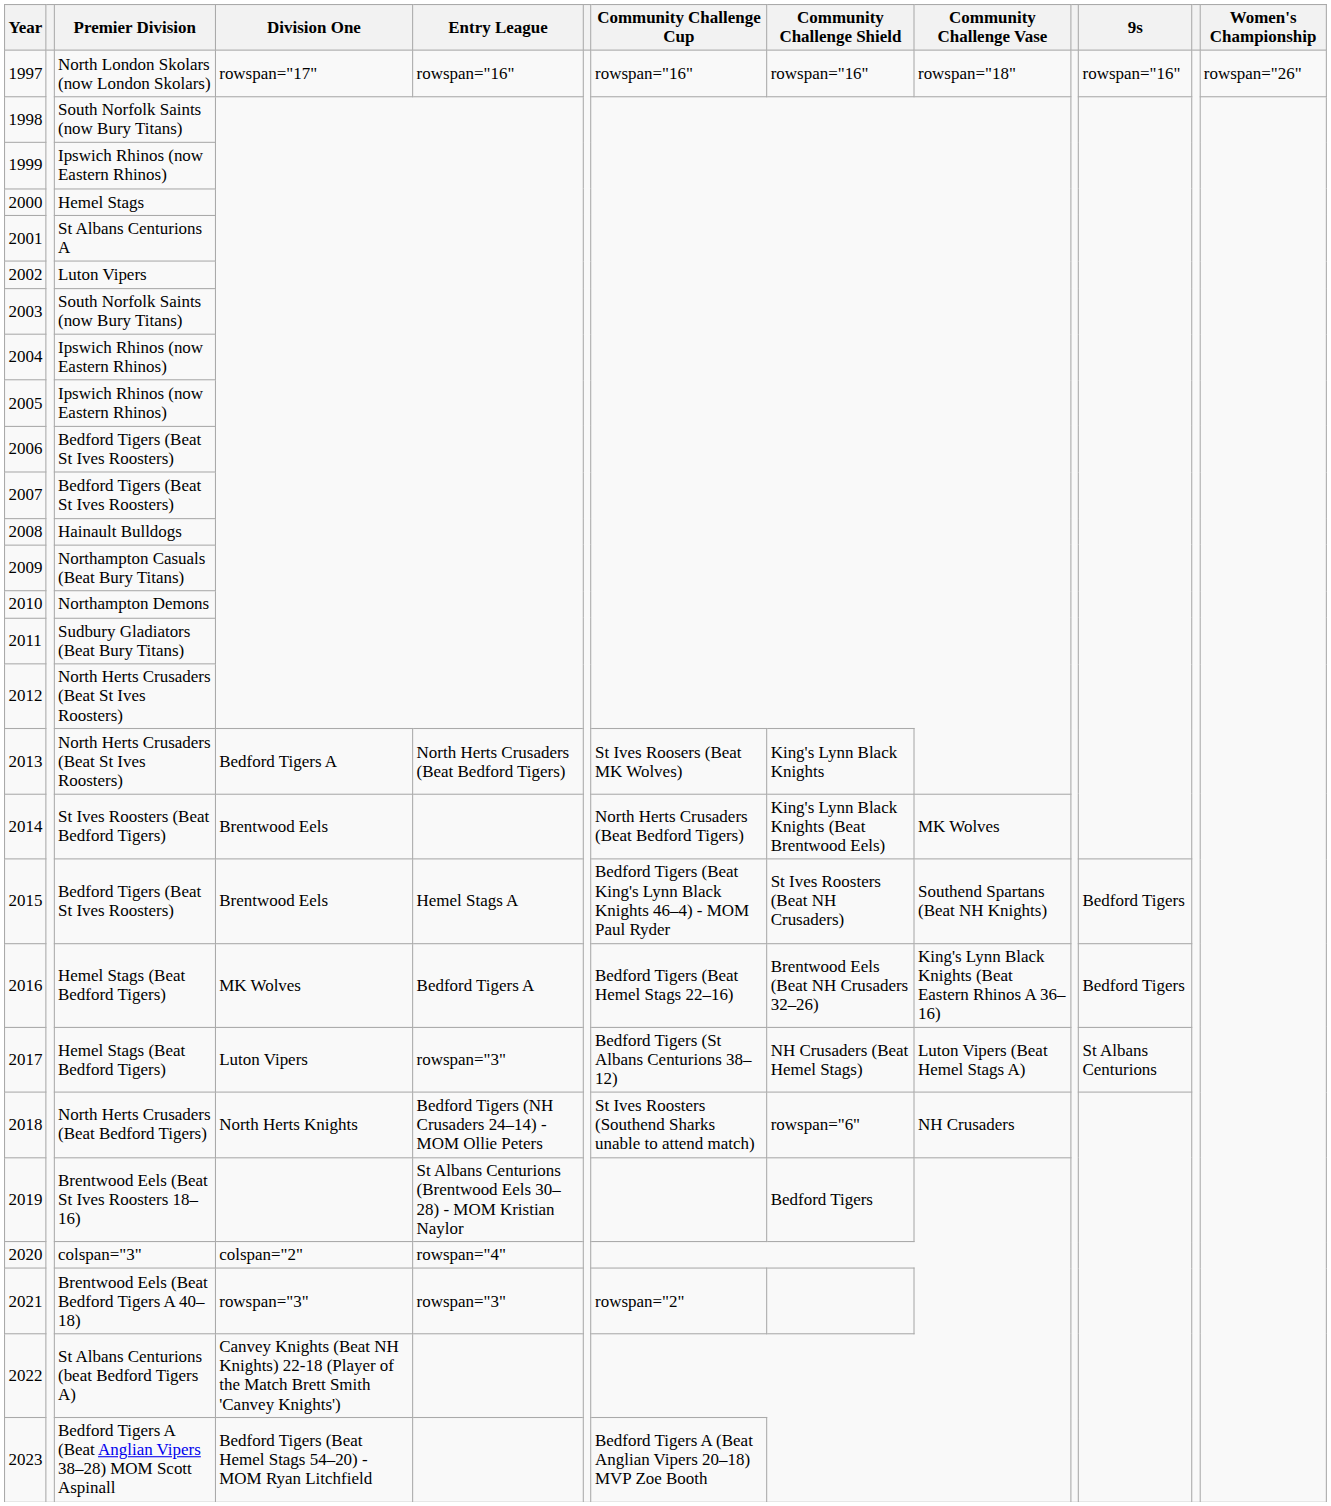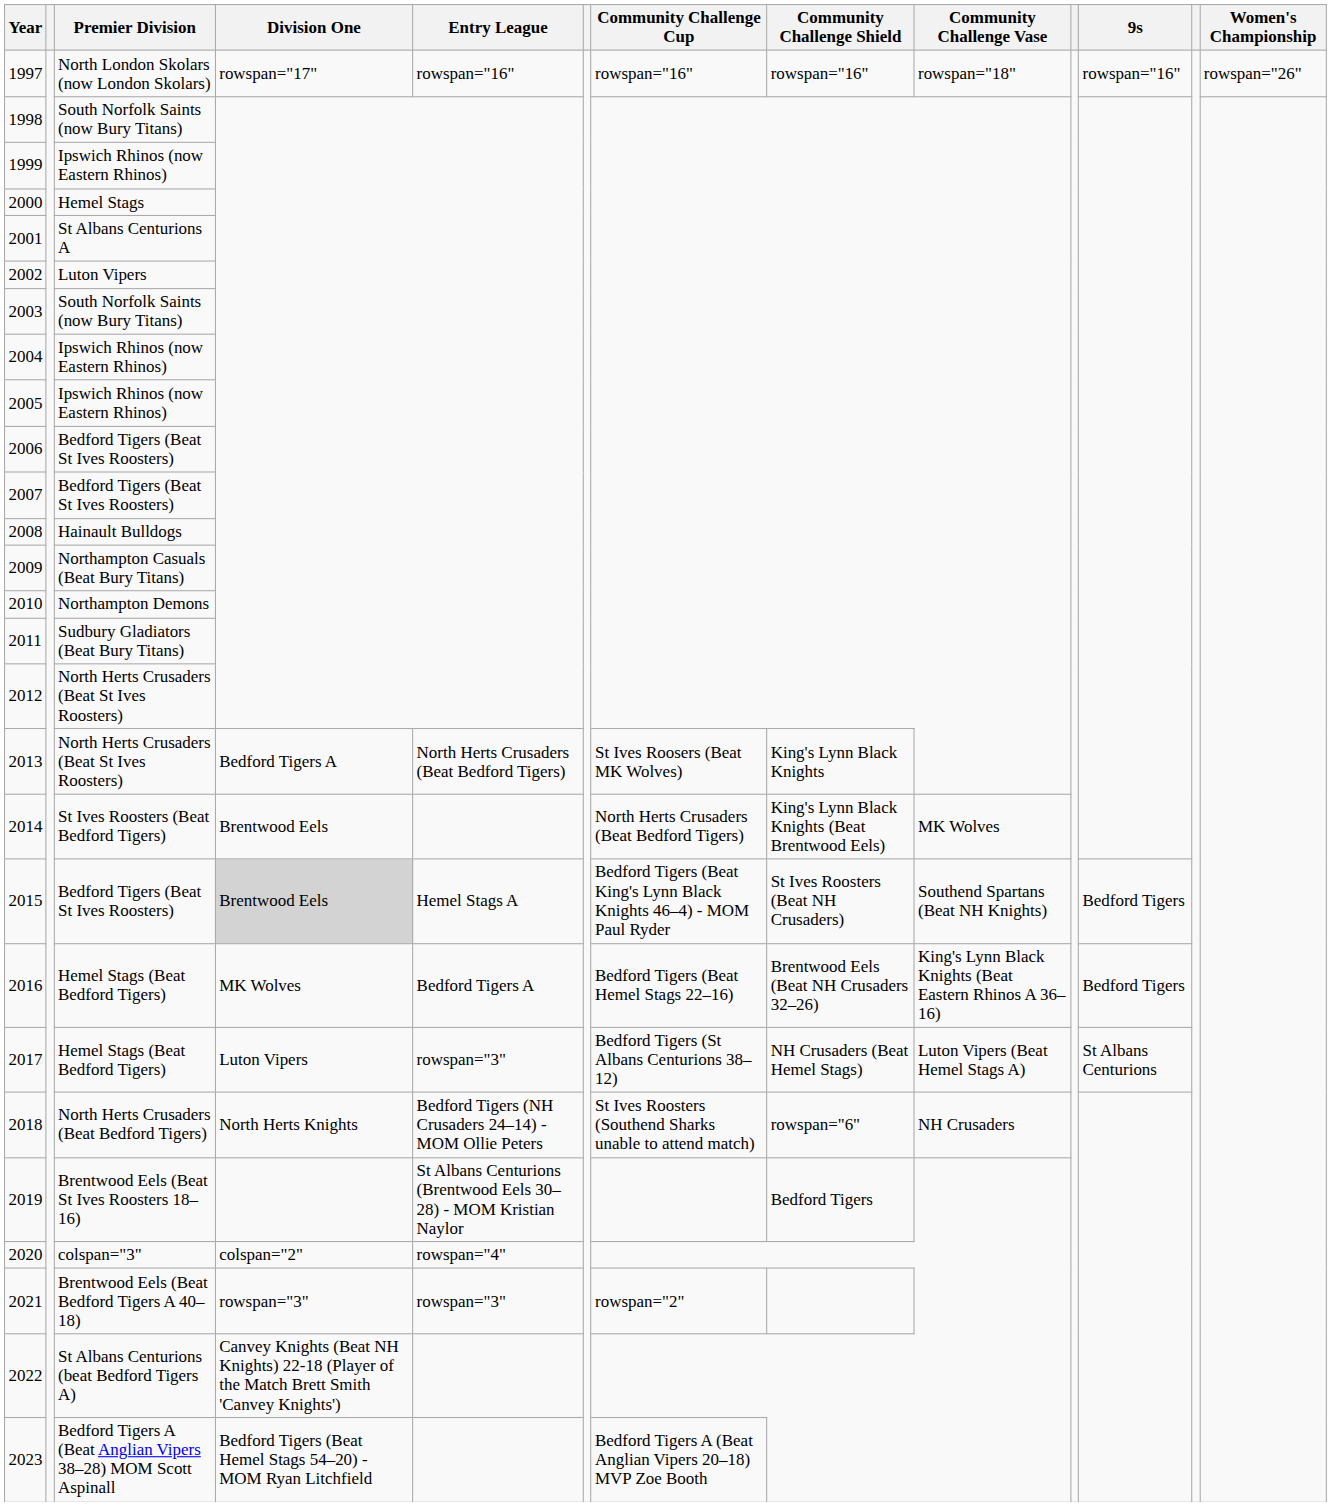 <table class="wikitable">
 <tr>
 <th>Year</th>
 <th></th>
 <th>Premier Division</th>
 <th>Division One</th>
 <th>Entry League</th>
 <th></th>
 <th>Community Challenge Cup</th>
 <th>Community Challenge Shield</th>
 <th>Community Challenge Vase</th>
 <th></th>
 <th>9s</th>
 <th></th>
 <th>Women's Championship</th>
 </tr>
 <tr>
 <td>1997</td>
 <td rowspan="27"></td>
 <td>North London Skolars (now London Skolars)</td>
 <td>rowspan="17"</td>
 <td>rowspan="16"</td>
 <td rowspan="27"></td>
 <td>rowspan="16"</td>
 <td>rowspan="16"</td>
 <td>rowspan="18"</td>
 <td rowspan="27"></td>
 <td>rowspan="16"</td>
 <td rowspan="27"></td>
 <td>rowspan="26"</td>
 </tr>
 <tr>
 <td>1998</td>
 <td>South Norfolk Saints (now Bury Titans)</td>
 </tr>
 <tr>
 <td>1999</td>
 <td>Ipswich Rhinos (now Eastern Rhinos)</td>
 </tr>
 <tr>
 <td>2000</td>
 <td>Hemel Stags</td>
 </tr>
 <tr>
 <td>2001</td>
 <td>St Albans Centurions A</td>
 </tr>
 <tr>
 <td>2002</td>
 <td>Luton Vipers</td>
 </tr>
 <tr>
 <td>2003</td>
 <td>South Norfolk Saints (now Bury Titans)</td>
 </tr>
 <tr>
 <td>2004</td>
 <td>Ipswich Rhinos (now Eastern Rhinos)</td>
 </tr>
 <tr>
 <td>2005</td>
 <td>Ipswich Rhinos (now Eastern Rhinos)</td>
 </tr>
 <tr>
 <td>2006</td>
 <td>Bedford Tigers (Beat St Ives Roosters)</td>
 </tr>
 <tr>
 <td>2007</td>
 <td>Bedford Tigers (Beat St Ives Roosters)</td>
 </tr>
 <tr>
 <td>2008</td>
 <td>Hainault Bulldogs</td>
 </tr>
 <tr>
 <td>2009</td>
 <td>Northampton Casuals (Beat Bury Titans)</td>
 </tr>
 <tr>
 <td>2010</td>
 <td>Northampton Demons</td>
 </tr>
 <tr>
 <td>2011</td>
 <td>Sudbury Gladiators (Beat Bury Titans)</td>
 </tr>
 <tr>
 <td>2012</td>
 <td>North Herts Crusaders (Beat St Ives Roosters)</td>
 </tr>
 <tr>
 <td>2013</td>
 <td>North Herts Crusaders (Beat St Ives Roosters)</td>
 <td>Bedford Tigers A</td>
 <td>North Herts Crusaders (Beat Bedford Tigers)</td>
 <td>St Ives Roosers (Beat MK Wolves)</td>
 <td>King's Lynn Black Knights</td>
 </tr>
 <tr>
 <td>2014</td>
 <td>St Ives Roosters (Beat Bedford Tigers)</td>
 <td>Brentwood Eels</td>
 <td></td>
 <td>North Herts Crusaders (Beat Bedford Tigers)</td>
 <td>King's Lynn Black Knights (Beat Brentwood Eels)</td>
 <td>MK Wolves</td>
 </tr>
 <tr>
 <td>2015</td>
 <td>Bedford Tigers (Beat St Ives Roosters)</td>
-<td>Brentwood Eels</td>
+<td style="background: lightgrey;">Brentwood Eels</td>
 <td>Hemel Stags A</td>
 <td>Bedford Tigers (Beat King's Lynn Black Knights 46–4) - MOM Paul Ryder</td>
 <td>St Ives Roosters (Beat NH Crusaders)</td>
 <td>Southend Spartans (Beat NH Knights)</td>
 <td>Bedford Tigers</td>
 </tr>
 <tr>
 <td>2016</td>
 <td>Hemel Stags (Beat Bedford Tigers)</td>
 <td>MK Wolves</td>
 <td>Bedford Tigers A</td>
 <td>Bedford Tigers (Beat Hemel Stags 22–16)</td>
 <td>Brentwood Eels (Beat NH Crusaders 32–26)</td>
 <td>King's Lynn Black Knights (Beat Eastern Rhinos A 36–16)</td>
 <td>Bedford Tigers</td>
 </tr>
 <tr>
 <td>2017</td>
 <td>Hemel Stags (Beat Bedford Tigers)</td>
 <td>Luton Vipers</td>
 <td>rowspan="3"</td>
 <td>Bedford Tigers (St Albans Centurions 38–12)</td>
 <td>NH Crusaders  (Beat Hemel Stags)</td>
 <td>Luton Vipers (Beat Hemel Stags A)</td>
 <td>St Albans Centurions</td>
 </tr>
 <tr>
 <td>2018</td>
 <td>North Herts Crusaders (Beat Bedford Tigers)</td>
 <td>North Herts Knights</td>
 <td>Bedford Tigers (NH Crusaders 24–14) - MOM Ollie Peters</td>
 <td>St Ives Roosters (Southend Sharks unable to attend match)</td>
 <td>rowspan="6"</td>
 <td>NH Crusaders</td>
 </tr>
 <tr>
 <td>2019</td>
 <td>Brentwood Eels (Beat St Ives Roosters 18–16)</td>
 <td></td>
 <td>St Albans Centurions (Brentwood Eels 30–28) - MOM Kristian Naylor</td>
 <td></td>
 <td>Bedford Tigers</td>
 </tr>
 <tr>
 <td>2020</td>
 <td>colspan="3"</td>
 <td>colspan="2"</td>
 <td>rowspan="4"</td>
 </tr>
 <tr>
 <td>2021</td>
 <td>Brentwood Eels (Beat Bedford Tigers A 40–18)</td>
 <td>rowspan="3"</td>
 <td>rowspan="3"</td>
 <td>rowspan="2"</td>
 <td></td>
 </tr>
 <tr>
 <td>2022</td>
 <td>St Albans Centurions (beat Bedford Tigers A)</td>
 <td>Canvey Knights (Beat NH Knights) 22-18 (Player of the Match Brett Smith 'Canvey Knights')</td>
 </tr>
 <tr>
 <td>2023</td>
 <td>Bedford Tigers A (Beat <a href='#'>Anglian Vipers</a> 38–28) MOM Scott Aspinall</td>
 <td>Bedford Tigers (Beat Hemel Stags 54–20) - MOM Ryan Litchfield</td>
 <td></td>
 <td>Bedford Tigers A (Beat Anglian Vipers 20–18) MVP Zoe Booth</td>
 </tr>
 </table>
